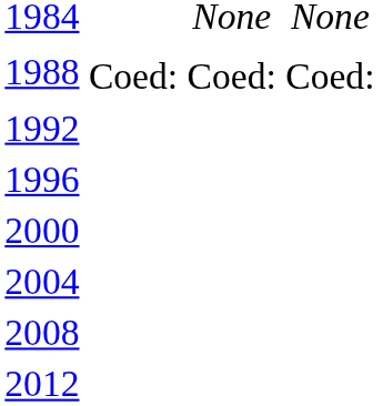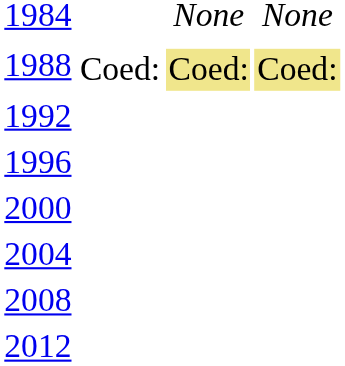 <table>
 <tr>
 <td><a href='#'>1984</a></td>
 <td></td>
 <td align="center"><em>None</em></td>
 <td align="center"><em>None</em></td>
 </tr>
 <tr>
 <td rowspan="2"><a href='#'>1988</a></td>
 <td></td>
 <td></td>
 <td></td>
 </tr>
 <tr>
 <td>Coed: </td>
-<td>Coed: </td>
-<td>Coed: </td>
+<td style="background: khaki;">Coed: </td>
+<td style="background: khaki;">Coed: </td>
 </tr>
 <tr>
 <td><a href='#'>1992</a></td>
 <td></td>
 <td></td>
 <td></td>
 </tr>
 <tr>
 <td><a href='#'>1996</a></td>
 <td></td>
 <td></td>
 <td></td>
 </tr>
 <tr>
 <td><a href='#'>2000</a></td>
 <td></td>
 <td></td>
 <td></td>
 </tr>
 <tr>
 <td><a href='#'>2004</a></td>
 <td></td>
 <td></td>
 <td></td>
 </tr>
 <tr>
 <td><a href='#'>2008</a></td>
 <td></td>
 <td></td>
 <td></td>
 </tr>
 <tr>
 <td><a href='#'>2012</a></td>
 <td></td>
 <td></td>
 <td></td>
 </tr>
 </table>
